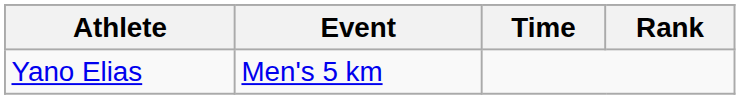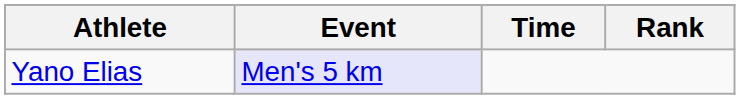 <table class="wikitable" style="text-align:center; font-size:90%; width:30%;">
 <tr>
 <th>Athlete</th>
 <th>Event</th>
 <th>Time</th>
 <th>Rank</th>
 </tr>
 <tr>
 <td align=left><a href='#'>Yano Elias</a></td>
-<td align=left><a href='#'>Men's 5 km</a></td>
+<td align=left style="background: lavender;"><a href='#'>Men's 5 km</a></td>
 <td colspan=2></td>
 </tr>
 </table>
